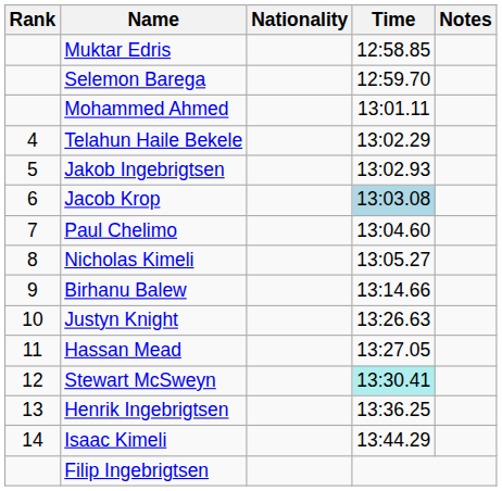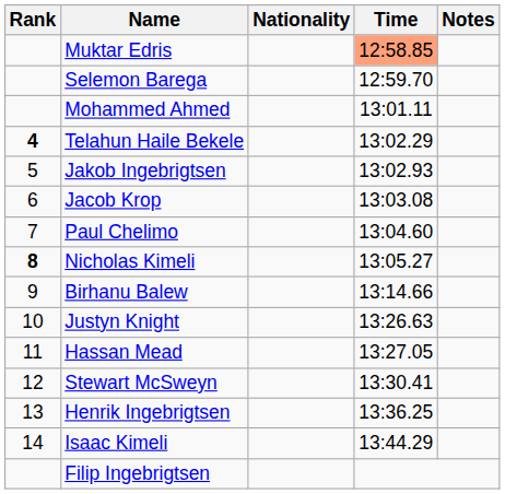 <table class="wikitable sortable" style="text-align:center">
 <tr>
 <th>Rank</th>
 <th>Name</th>
 <th>Nationality</th>
 <th>Time</th>
 <th>Notes</th>
 </tr>
 <tr>
 <td></td>
 <td align=left><a href='#'>Muktar Edris</a></td>
 <td align=left></td>
-<td>12:58.85</td>
+<td style="background: lightsalmon;">12:58.85</td>
 <td></td>
 </tr>
 <tr>
 <td></td>
 <td align=left><a href='#'>Selemon Barega</a></td>
 <td align=left></td>
 <td>12:59.70</td>
 <td></td>
 </tr>
 <tr>
 <td></td>
 <td align=left><a href='#'>Mohammed Ahmed</a></td>
 <td align=left></td>
 <td>13:01.11</td>
 <td></td>
 </tr>
 <tr>
-<td>4</td>
+<td><strong>4</strong></td>
 <td align=left><a href='#'>Telahun Haile Bekele</a></td>
 <td align=left></td>
 <td>13:02.29</td>
 <td></td>
 </tr>
 <tr>
 <td>5</td>
 <td align=left><a href='#'>Jakob Ingebrigtsen</a></td>
 <td align=left></td>
 <td>13:02.93</td>
 <td></td>
 </tr>
 <tr>
 <td>6</td>
 <td align=left><a href='#'>Jacob Krop</a></td>
 <td align=left></td>
-<td style="background: lightblue;">13:03.08</td>
+<td>13:03.08</td>
 <td></td>
 </tr>
 <tr>
 <td>7</td>
 <td align=left><a href='#'>Paul Chelimo</a></td>
 <td align=left></td>
 <td>13:04.60</td>
 <td></td>
 </tr>
 <tr>
-<td>8</td>
+<td><strong>8</strong></td>
 <td align=left><a href='#'>Nicholas Kimeli</a></td>
 <td align=left></td>
 <td>13:05.27</td>
 <td></td>
 </tr>
 <tr>
 <td>9</td>
 <td align=left><a href='#'>Birhanu Balew</a></td>
 <td align=left></td>
 <td>13:14.66</td>
 <td></td>
 </tr>
 <tr>
 <td>10</td>
 <td align=left><a href='#'>Justyn Knight</a></td>
 <td align=left></td>
 <td>13:26.63</td>
 <td></td>
 </tr>
 <tr>
 <td>11</td>
 <td align=left><a href='#'>Hassan Mead</a></td>
 <td align=left></td>
 <td>13:27.05</td>
 <td></td>
 </tr>
 <tr>
 <td>12</td>
 <td align=left><a href='#'>Stewart McSweyn</a></td>
 <td align=left></td>
-<td style="background: paleturquoise;">13:30.41</td>
+<td>13:30.41</td>
 <td></td>
 </tr>
 <tr>
 <td>13</td>
 <td align=left><a href='#'>Henrik Ingebrigtsen</a></td>
 <td align=left></td>
 <td>13:36.25</td>
 <td></td>
 </tr>
 <tr>
 <td>14</td>
 <td align=left><a href='#'>Isaac Kimeli</a></td>
 <td align=left></td>
 <td>13:44.29</td>
 <td></td>
 </tr>
 <tr>
 <td></td>
 <td align=left><a href='#'>Filip Ingebrigtsen</a></td>
 <td align=left></td>
 <td colspan=2></td>
 </tr>
 </table>
